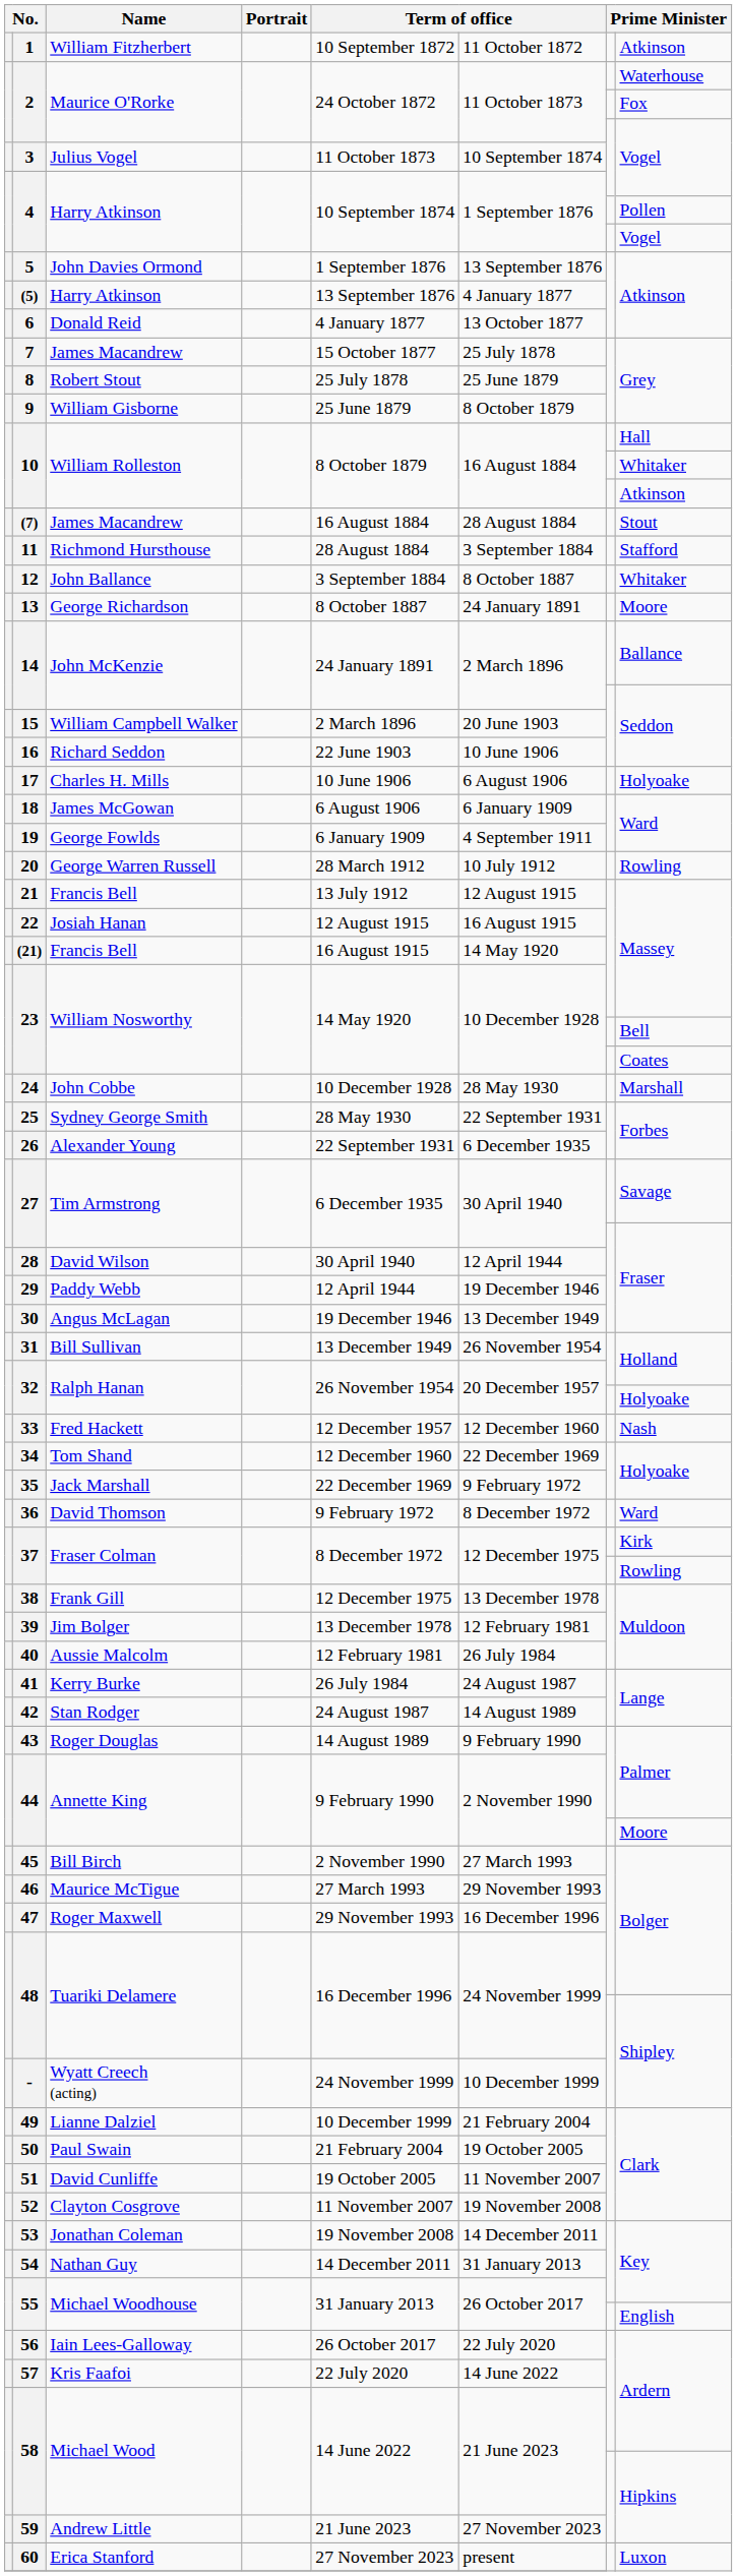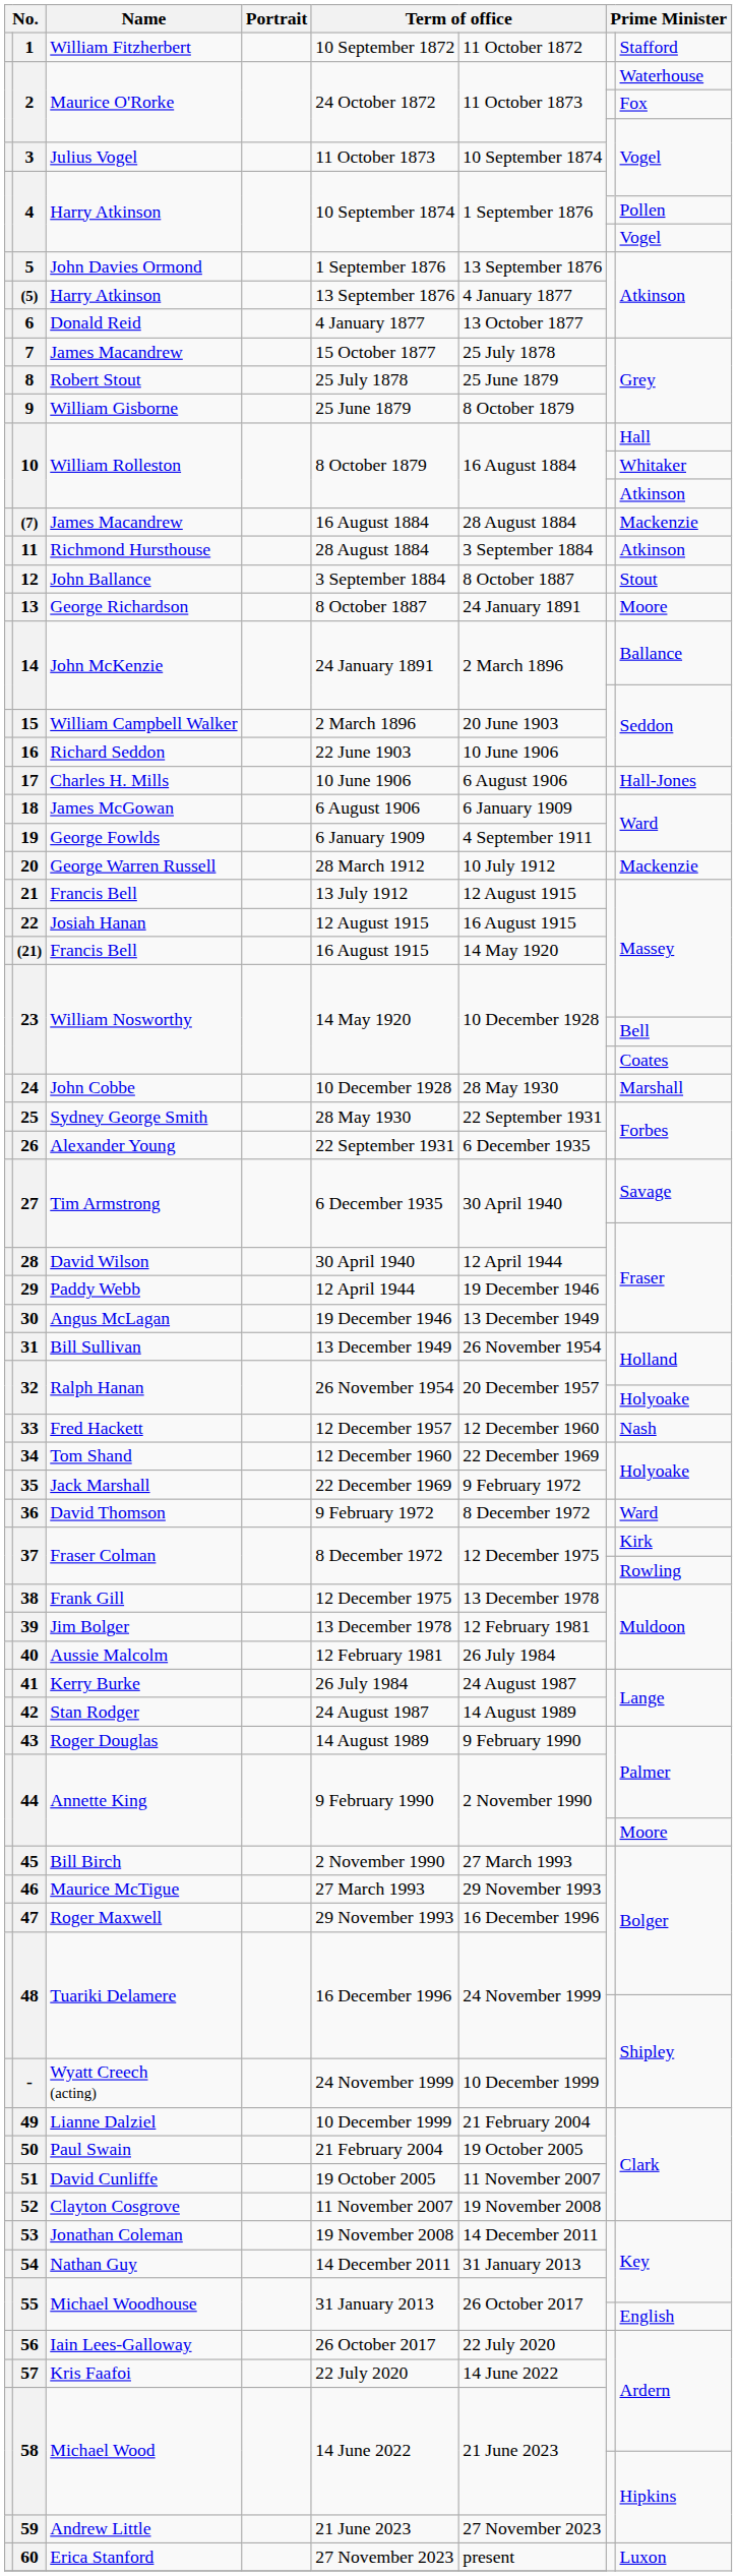 <table class="wikitable">
 <tr>
 <th colspan="2">No.</th>
 <th>Name</th>
 <th>Portrait</th>
 <th colspan="2">Term of office</th>
 <th colspan="2">Prime Minister</th>
 </tr>
 <tr>
 <th style="color:inherit;background:"></th>
 <th>1</th>
 <td><a href='#'>William Fitzherbert</a></td>
 <td></td>
 <td>10 September 1872</td>
 <td>11 October 1872</td>
 <td width=1 style="color:inherit;background:"></td>
-<td><a href='#'>Atkinson</a></td>
+<td><a href='#'>Stafford</a></td>
 </tr>
 <tr>
 <th height=15 rowspan=2 style="border-bottom:solid 0 grey; background:"></th>
 <th rowspan=3>2</th>
 <td rowspan=3><a href='#'>Maurice O'Rorke</a></td>
 <td rowspan=3></td>
 <td rowspan=3>24 October 1872</td>
 <td rowspan=3>11 October 1873</td>
 <td style="color:inherit;background:"></td>
 <td><a href='#'>Waterhouse</a></td>
 </tr>
 <tr>
 <td style="color:inherit;background:"></td>
 <td><a href='#'>Fox</a></td>
 </tr>
 <tr>
 <th height=15 style="border-top:solid 0 grey; background:"></th>
 <td rowspan=3 style="border-bottom:solid 0 grey; background:"></td>
 <td rowspan=3><a href='#'>Vogel</a></td>
 </tr>
 <tr>
 <th style="color:inherit;background:"></th>
 <th>3</th>
 <td><a href='#'>Julius Vogel</a></td>
 <td></td>
 <td>11 October 1873</td>
 <td>10 September 1874</td>
 </tr>
 <tr>
 <th height=15 style="border-bottom:solid 0 grey; background:"></th>
 <th rowspan=3>4</th>
 <td rowspan=3><a href='#'>Harry Atkinson</a></td>
 <td rowspan=3></td>
 <td rowspan=3>10 September 1874</td>
 <td rowspan=3>1 September 1876</td>
 </tr>
 <tr>
 <th rowspan=2 style="border-top:solid 0 grey; background:"></th>
 <td style="color:inherit;background:"></td>
 <td><a href='#'>Pollen</a></td>
 </tr>
 <tr>
 <td style="color:inherit;background:"></td>
 <td><a href='#'>Vogel</a></td>
 </tr>
 <tr>
 <th style="color:inherit;background:"></th>
 <th>5</th>
 <td><a href='#'>John Davies Ormond</a></td>
 <td></td>
 <td>1 September 1876</td>
 <td>13 September 1876</td>
 <td rowspan=3 style="color:inherit;background:"></td>
 <td rowspan=3><a href='#'>Atkinson</a></td>
 </tr>
 <tr>
 <th style="color:inherit;background:"></th>
 <th><small>(5)</small></th>
 <td><a href='#'>Harry Atkinson</a></td>
 <td></td>
 <td>13 September 1876</td>
 <td>4 January 1877</td>
 </tr>
 <tr>
 <th style="color:inherit;background:"></th>
 <th>6</th>
 <td><a href='#'>Donald Reid</a></td>
 <td></td>
 <td>4 January 1877</td>
 <td>13 October 1877</td>
 </tr>
 <tr>
 <th style="color:inherit;background:"></th>
 <th>7</th>
 <td><a href='#'>James Macandrew</a></td>
 <td></td>
 <td>15 October 1877</td>
 <td>25 July 1878</td>
 <td rowspan=3 style="color:inherit;background:"></td>
 <td rowspan=3><a href='#'>Grey</a></td>
 </tr>
 <tr>
 <th style="color:inherit;background:"></th>
 <th>8</th>
 <td><a href='#'>Robert Stout</a></td>
 <td></td>
 <td>25 July 1878</td>
 <td>25 June 1879</td>
 </tr>
 <tr>
 <th style="color:inherit;background:"></th>
 <th>9</th>
 <td><a href='#'>William Gisborne</a></td>
 <td></td>
 <td>25 June 1879</td>
 <td>8 October 1879</td>
 </tr>
 <tr>
 <th rowspan=3 style="color:inherit;background:"></th>
 <th rowspan=3>10</th>
 <td rowspan=3><a href='#'>William Rolleston</a></td>
 <td rowspan=3></td>
 <td rowspan=3>8 October 1879</td>
 <td rowspan=3>16 August 1884</td>
 <td style="color:inherit;background:"></td>
 <td><a href='#'>Hall</a></td>
 </tr>
 <tr>
 <td style="color:inherit;background:"></td>
 <td><a href='#'>Whitaker</a></td>
 </tr>
 <tr>
 <td style="color:inherit;background:"></td>
 <td><a href='#'>Atkinson</a></td>
 </tr>
 <tr>
 <th style="color:inherit;background:"></th>
 <th><small>(7)</small></th>
 <td><a href='#'>James Macandrew</a></td>
 <td></td>
 <td>16 August 1884</td>
 <td>28 August 1884</td>
 <td style="color:inherit;background:"></td>
-<td><a href='#'>Stout</a></td>
+<td><a href='#'>Mackenzie</a></td>
 </tr>
 <tr>
 <th style="color:inherit;background:"></th>
 <th>11</th>
 <td><a href='#'>Richmond Hursthouse</a></td>
 <td></td>
 <td>28 August 1884</td>
 <td>3 September 1884</td>
 <td style="color:inherit;background:"></td>
-<td><a href='#'>Stafford</a></td>
+<td><a href='#'>Atkinson</a></td>
 </tr>
 <tr>
 <th style="color:inherit;background:"></th>
 <th>12</th>
 <td><a href='#'>John Ballance</a></td>
 <td></td>
 <td>3 September 1884</td>
 <td>8 October 1887</td>
 <td style="color:inherit;background:"></td>
-<td><a href='#'>Whitaker</a></td>
+<td><a href='#'>Stout</a></td>
 </tr>
 <tr>
 <th style="color:inherit;background:"></th>
 <th>13</th>
 <td><a href='#'>George Richardson</a></td>
 <td></td>
 <td>8 October 1887</td>
 <td>24 January 1891</td>
 <td style="color:inherit;background:"></td>
 <td><a href='#'>Moore</a></td>
 </tr>
 <tr>
 <th height=50 style="border-bottom:solid 0 grey; background:"></th>
 <th rowspan=2>14</th>
 <td rowspan=2><a href='#'>John McKenzie</a></td>
 <td rowspan=2></td>
 <td rowspan=2>24 January 1891</td>
 <td rowspan=2>2 March 1896</td>
 <td style="color:inherit;background:"></td>
 <td><a href='#'>Ballance</a></td>
 </tr>
 <tr>
 <th height=15 style="border-top:solid 0 grey; background:"></th>
 <td rowspan=2 style="border-bottom:solid 0 grey; background:"></td>
 <td rowspan=3><a href='#'>Seddon</a></td>
 </tr>
 <tr>
 <th style="color:inherit;background:"></th>
 <th>15</th>
 <td><a href='#'>William Campbell Walker</a></td>
 <td></td>
 <td>2 March 1896</td>
 <td>20 June 1903</td>
 </tr>
 <tr>
 <th style="color:inherit;background:"></th>
 <th>16</th>
 <td><a href='#'>Richard Seddon</a></td>
 <td></td>
 <td>22 June 1903</td>
 <td>10 June 1906</td>
 <td style="border-top:solid 0 grey; background:"></td>
 </tr>
 <tr>
 <th style="color:inherit;background:"></th>
 <th>17</th>
 <td><a href='#'>Charles H. Mills</a></td>
 <td></td>
 <td>10 June 1906</td>
 <td>6 August 1906</td>
 <td style="color:inherit;background:"></td>
-<td><a href='#'>Holyoake</a></td>
+<td><a href='#'>Hall-Jones</a></td>
 </tr>
 <tr>
 <th style="color:inherit;background:"></th>
 <th>18</th>
 <td><a href='#'>James McGowan</a></td>
 <td></td>
 <td>6 August 1906</td>
 <td>6 January 1909</td>
 <td rowspan=2 style="color:inherit;background:"></td>
 <td rowspan=2><a href='#'>Ward</a></td>
 </tr>
 <tr>
 <th style="color:inherit;background:"></th>
 <th>19</th>
 <td><a href='#'>George Fowlds</a></td>
 <td></td>
 <td>6 January 1909</td>
 <td>4 September 1911</td>
 </tr>
 <tr>
 <th style="color:inherit;background:"></th>
 <th>20</th>
 <td><a href='#'>George Warren Russell</a></td>
 <td></td>
 <td>28 March 1912</td>
 <td>10 July 1912</td>
 <td style="color:inherit;background:"></td>
-<td><a href='#'>Rowling</a></td>
+<td><a href='#'>Mackenzie</a></td>
 </tr>
 <tr>
 <th style="color:inherit;background:"></th>
 <th>21</th>
 <td><a href='#'>Francis Bell</a></td>
 <td></td>
 <td>13 July 1912</td>
 <td>12 August 1915</td>
 <td rowspan=3 style="border-bottom:solid 0 grey; background:"></td>
 <td rowspan=4><a href='#'>Massey</a></td>
 </tr>
 <tr>
 <th style="color:inherit;background:"></th>
 <th>22</th>
 <td><a href='#'>Josiah Hanan</a></td>
 <td></td>
 <td>12 August 1915</td>
 <td>16 August 1915</td>
 </tr>
 <tr>
 <th style="color:inherit;background:"></th>
 <th><small>(21)</small></th>
 <td><a href='#'>Francis Bell</a></td>
 <td></td>
 <td>16 August 1915</td>
 <td>14 May 1920</td>
 </tr>
 <tr>
 <th rowspan=3 style="color:inherit;background:"></th>
 <th rowspan=3>23</th>
 <td rowspan=3><a href='#'>William Nosworthy</a></td>
 <td rowspan=3></td>
 <td rowspan=3>14 May 1920</td>
 <td rowspan=3>10 December 1928</td>
 <td height=40 style="border-top:solid 0 grey; background:"></td>
 </tr>
 <tr>
 <td style="color:inherit;background:"></td>
 <td><a href='#'>Bell</a></td>
 </tr>
 <tr>
 <td style="color:inherit;background:"></td>
 <td><a href='#'>Coates</a></td>
 </tr>
 <tr>
 <th style="color:inherit;background:"></th>
 <th>24</th>
 <td><a href='#'>John Cobbe</a></td>
 <td></td>
 <td>10 December 1928</td>
 <td>28 May 1930</td>
 <td style="color:inherit;background:"></td>
 <td><a href='#'>Marshall</a></td>
 </tr>
 <tr>
 <th style="color:inherit;background:"></th>
 <th>25</th>
 <td><a href='#'>Sydney George Smith</a></td>
 <td></td>
 <td>28 May 1930</td>
 <td>22 September 1931</td>
 <td rowspan=2 style="color:inherit;background:"></td>
 <td rowspan=2><a href='#'>Forbes</a></td>
 </tr>
 <tr>
 <th style="color:inherit;background:"></th>
 <th>26</th>
 <td><a href='#'>Alexander Young</a></td>
 <td></td>
 <td>22 September 1931</td>
 <td>6 December 1935</td>
 </tr>
 <tr>
 <th height=50 style="border-bottom:solid 0 grey; background:"></th>
 <th rowspan=2>27</th>
 <td rowspan=2><a href='#'>Tim Armstrong</a></td>
 <td rowspan=2></td>
 <td rowspan=2>6 December 1935</td>
 <td rowspan=2>30 April 1940</td>
 <td style="color:inherit;background:"></td>
 <td><a href='#'>Savage</a></td>
 </tr>
 <tr>
 <th height=15 style="border-top:solid 0 grey; background:"></th>
 <td style="border-bottom:solid 0 grey; background:"></td>
 <td rowspan=4><a href='#'>Fraser</a></td>
 </tr>
 <tr>
 <th style="color:inherit;background:"></th>
 <th>28</th>
 <td><a href='#'>David Wilson</a></td>
 <td></td>
 <td>30 April 1940</td>
 <td>12 April 1944</td>
 <td rowspan=3 style="border-top:solid 0 grey; background:"></td>
 </tr>
 <tr>
 <th style="color:inherit;background:"></th>
 <th>29</th>
 <td><a href='#'>Paddy Webb</a></td>
 <td></td>
 <td>12 April 1944</td>
 <td>19 December 1946</td>
 </tr>
 <tr>
 <th style="color:inherit;background:"></th>
 <th>30</th>
 <td><a href='#'>Angus McLagan</a></td>
 <td></td>
 <td>19 December 1946</td>
 <td>13 December 1949</td>
 </tr>
 <tr>
 <th style="color:inherit;background:"></th>
 <th>31</th>
 <td><a href='#'>Bill Sullivan</a></td>
 <td></td>
 <td>13 December 1949</td>
 <td>26 November 1954</td>
 <td rowspan=2 style="color:inherit;background:"></td>
 <td rowspan=2><a href='#'>Holland</a></td>
 </tr>
 <tr>
 <th height=15 style="border-bottom:solid 0 grey; background:"></th>
 <th rowspan=2>32</th>
 <td rowspan=2><a href='#'>Ralph Hanan</a></td>
 <td rowspan=2></td>
 <td rowspan=2>26 November 1954</td>
 <td rowspan=2>20 December 1957</td>
 </tr>
 <tr>
 <th height=15 style="border-top:solid 0 grey; background:"></th>
 <td style="color:inherit;background:"></td>
 <td><a href='#'>Holyoake</a></td>
 </tr>
 <tr>
 <th style="color:inherit;background:"></th>
 <th>33</th>
 <td><a href='#'>Fred Hackett</a></td>
 <td></td>
 <td>12 December 1957</td>
 <td>12 December 1960</td>
 <td style="color:inherit;background:"></td>
 <td><a href='#'>Nash</a></td>
 </tr>
 <tr>
 <th style="color:inherit;background:"></th>
 <th>34</th>
 <td><a href='#'>Tom Shand</a></td>
 <td></td>
 <td>12 December 1960</td>
 <td>22 December 1969</td>
 <td rowspan=2 style="color:inherit;background:"></td>
 <td rowspan=2><a href='#'>Holyoake</a></td>
 </tr>
 <tr>
 <th style="color:inherit;background:"></th>
 <th>35</th>
 <td><a href='#'>Jack Marshall</a></td>
 <td></td>
 <td>22 December 1969</td>
 <td>9 February 1972</td>
 </tr>
 <tr>
 <th style="color:inherit;background:"></th>
 <th>36</th>
 <td><a href='#'>David Thomson</a></td>
 <td></td>
 <td>9 February 1972</td>
 <td>8 December 1972</td>
 <td style="color:inherit;background:"></td>
 <td><a href='#'>Ward</a></td>
 </tr>
 <tr>
 <th rowspan=2 style="color:inherit;background:"></th>
 <th rowspan=2>37</th>
 <td rowspan=2><a href='#'>Fraser Colman</a></td>
 <td rowspan=2></td>
 <td rowspan=2>8 December 1972</td>
 <td rowspan=2>12 December 1975</td>
 <td style="color:inherit;background:"></td>
 <td><a href='#'>Kirk</a></td>
 </tr>
 <tr>
 <td style="color:inherit;background:"></td>
 <td><a href='#'>Rowling</a></td>
 </tr>
 <tr>
 <th style="color:inherit;background:"></th>
 <th>38</th>
 <td><a href='#'>Frank Gill</a></td>
 <td></td>
 <td>12 December 1975</td>
 <td>13 December 1978</td>
 <td rowspan=3 style="color:inherit;background:"></td>
 <td rowspan=3><a href='#'>Muldoon</a></td>
 </tr>
 <tr>
 <th style="color:inherit;background:"></th>
 <th>39</th>
 <td><a href='#'>Jim Bolger</a></td>
 <td></td>
 <td>13 December 1978</td>
 <td>12 February 1981</td>
 </tr>
 <tr>
 <th style="color:inherit;background:"></th>
 <th>40</th>
 <td><a href='#'>Aussie Malcolm</a></td>
 <td></td>
 <td>12 February 1981</td>
 <td>26 July 1984</td>
 </tr>
 <tr>
 <th style="color:inherit;background:"></th>
 <th>41</th>
 <td><a href='#'>Kerry Burke</a></td>
 <td></td>
 <td>26 July 1984</td>
 <td>24 August 1987</td>
 <td rowspan=3 style="color:inherit;background:"></td>
 <td rowspan=3><a href='#'>Lange</a></td>
 </tr>
 <tr>
 <th style="color:inherit;background:"></th>
 <th>42</th>
 <td><a href='#'>Stan Rodger</a></td>
 <td></td>
 <td>24 August 1987</td>
 <td>14 August 1989</td>
 </tr>
 <tr>
 <th rowspan=2 style="color:inherit;background:"></th>
 <th rowspan=2>43</th>
 <td rowspan=2><a href='#'>Roger Douglas</a></td>
 <td rowspan=2></td>
 <td rowspan=2>14 August 1989</td>
 <td rowspan=2>9 February 1990</td>
 </tr>
 <tr>
 <td rowspan=2 style="color:inherit;background:"></td>
 <td rowspan=2><a href='#'>Palmer</a></td>
 </tr>
 <tr>
 <th height=50 style="border-bottom:solid 0 grey; background:"></th>
 <th rowspan=2>44</th>
 <td rowspan=2><a href='#'>Annette King</a></td>
 <td rowspan=2></td>
 <td rowspan=2>9 February 1990</td>
 <td rowspan=2>2 November 1990</td>
 </tr>
 <tr>
 <th style="border-top:solid 0 grey; background:"></th>
 <td style="color:inherit;background:"></td>
 <td><a href='#'>Moore</a></td>
 </tr>
 <tr>
 <th style="color:inherit;background:"></th>
 <th>45</th>
 <td><a href='#'>Bill Birch</a></td>
 <td></td>
 <td>2 November 1990</td>
 <td>27 March 1993</td>
 <td rowspan="4" style="color:inherit;background:"></td>
 <td rowspan="4"><a href='#'>Bolger</a></td>
 </tr>
 <tr>
 <th style="color:inherit;background:"></th>
 <th>46</th>
 <td><a href='#'>Maurice McTigue</a></td>
 <td></td>
 <td>27 March 1993</td>
 <td>29 November 1993</td>
 </tr>
 <tr>
 <th style="color:inherit;background:"></th>
 <th>47</th>
 <td><a href='#'>Roger Maxwell</a></td>
 <td></td>
 <td>29 November 1993</td>
 <td>16 December 1996</td>
 </tr>
 <tr>
 <th height=50 style="border-bottom:solid 0 grey; background:"></th>
 <th rowspan="2">48</th>
 <td rowspan="2"><a href='#'>Tuariki Delamere</a></td>
 <td rowspan="2"></td>
 <td rowspan="2">16 December 1996</td>
 <td rowspan="2">24 November 1999</td>
 </tr>
 <tr>
 <th height=50 style="border-top:solid 0 grey; background:"></th>
 <td rowspan=2 style="color:inherit;background:"></td>
 <td rowspan=2><a href='#'>Shipley</a></td>
 </tr>
 <tr>
 <th style="color:inherit;background:"></th>
 <th>-</th>
 <td><a href='#'>Wyatt Creech</a><br><small>(acting)</small></td>
 <td></td>
 <td>24 November 1999</td>
 <td>10 December 1999</td>
 </tr>
 <tr>
 <th style="color:inherit;background:"></th>
 <th>49</th>
 <td><a href='#'>Lianne Dalziel</a></td>
 <td></td>
 <td>10 December 1999</td>
 <td>21 February 2004</td>
 <td rowspan=4 style="color:inherit;background:"></td>
 <td rowspan=4><a href='#'>Clark</a></td>
 </tr>
 <tr>
 <th style="color:inherit;background:"></th>
 <th>50</th>
 <td><a href='#'>Paul Swain</a></td>
 <td></td>
 <td>21 February 2004</td>
 <td>19 October 2005</td>
 </tr>
 <tr>
 <th style="color:inherit;background:"></th>
 <th>51</th>
 <td><a href='#'>David Cunliffe</a></td>
 <td></td>
 <td>19 October 2005</td>
 <td>11 November 2007</td>
 </tr>
 <tr>
 <th style="color:inherit;background:"></th>
 <th>52</th>
 <td><a href='#'>Clayton Cosgrove</a></td>
 <td></td>
 <td>11 November 2007</td>
 <td>19 November 2008</td>
 </tr>
 <tr>
 <th style="color:inherit;background:"></th>
 <th>53</th>
 <td><a href='#'>Jonathan Coleman</a></td>
 <td></td>
 <td>19 November 2008</td>
 <td>14 December 2011</td>
 <td rowspan="3" style="color:inherit;background:"></td>
 <td rowspan="3"><a href='#'>Key</a></td>
 </tr>
 <tr>
 <th style="color:inherit;background:"></th>
 <th>54</th>
 <td><a href='#'>Nathan Guy</a></td>
 <td></td>
 <td>14 December 2011</td>
 <td>31 January 2013</td>
 </tr>
 <tr>
 <th height=15 style="border-bottom:solid 0 grey; background:"></th>
 <th rowspan="2">55</th>
 <td rowspan="2"><a href='#'>Michael Woodhouse</a></td>
 <td rowspan="2"></td>
 <td rowspan="2">31 January 2013</td>
 <td rowspan="2">26 October 2017</td>
 </tr>
 <tr>
 <th height=15 style="border-top:solid 0 grey; background:"></th>
 <td style="color:inherit;background:"></td>
 <td><a href='#'>English</a></td>
 </tr>
 <tr>
 <th style="color:inherit;background:"></th>
 <th>56</th>
 <td><a href='#'>Iain Lees-Galloway</a></td>
 <td></td>
 <td>26 October 2017</td>
 <td>22 July 2020</td>
 <td rowspan=3 style="color:inherit;background:"></td>
 <td rowspan=3><a href='#'>Ardern</a></td>
 </tr>
 <tr>
 <th style="color:inherit;background:"></th>
 <th>57</th>
 <td><a href='#'>Kris Faafoi</a></td>
 <td></td>
 <td>22 July 2020</td>
 <td>14 June 2022</td>
 </tr>
 <tr>
 <th height=50 style="border-bottom:solid 0 grey; background:"></th>
 <th rowspan="2">58</th>
 <td rowspan="2"><a href='#'>Michael Wood</a></td>
 <td rowspan="2"></td>
 <td rowspan="2">14 June 2022</td>
 <td rowspan="2">21 June 2023</td>
 </tr>
 <tr>
 <th height=50 style="border-top:solid 0 grey; background:"></th>
 <td rowspan=2 style="color:inherit;background:"></td>
 <td rowspan=2><a href='#'>Hipkins</a></td>
 </tr>
 <tr>
 <th style="color:inherit;background:"></th>
 <th>59</th>
 <td><a href='#'>Andrew Little</a></td>
 <td></td>
 <td>21 June 2023</td>
 <td>27 November 2023</td>
 </tr>
 <tr>
 <th style="color:inherit;background:"></th>
 <th>60</th>
 <td><a href='#'>Erica Stanford</a></td>
 <td></td>
 <td>27 November 2023</td>
 <td>present</td>
 <td rowspan=3 style="color:inherit;background:"></td>
 <td rowspan=3><a href='#'>Luxon</a></td>
 </tr>
 <tr>
 </tr>
 </table>
